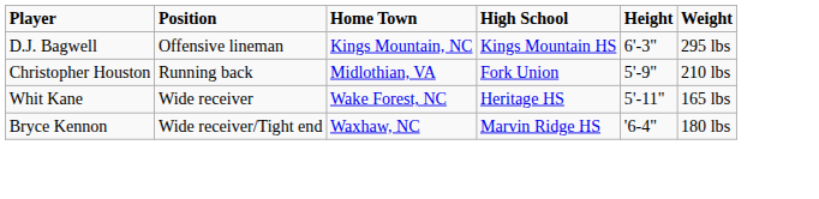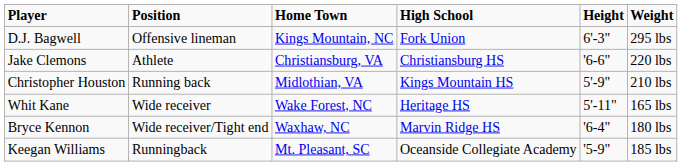 <table class="wikitable">
 <tr>
 <td><span><strong>Player</strong></span></td>
 <td><span><strong>Position</strong></span></td>
 <td><span> <strong>Home Town</strong></span></td>
 <td><span> <strong>High School</strong></span></td>
 <td><span><strong>Height</strong></span></td>
 <td><span><strong>Weight</strong></span></td>
 </tr>
 <tr>
 <td>D.J. Bagwell</td>
 <td>Offensive lineman</td>
 <td><a href='#'>Kings Mountain, NC</a></td>
-<td><a href='#'>Kings Mountain HS</a></td>
+<td><a href='#'>Fork Union</a></td>
 <td>6'-3"</td>
 <td>295 lbs</td>
+</tr>
+<tr>
+<td>Jake Clemons</td>
+<td>Athlete</td>
+<td><a href='#'>Christiansburg, VA</a></td>
+<td><a href='#'>Christiansburg HS</a></td>
+<td>'6-6"</td>
+<td>220 lbs</td>
 </tr>
 <tr>
 <td>Christopher Houston</td>
 <td>Running back</td>
 <td><a href='#'>Midlothian, VA</a></td>
-<td><a href='#'>Fork Union</a></td>
+<td><a href='#'>Kings Mountain HS</a></td>
 <td>5'-9"</td>
 <td>210 lbs</td>
 </tr>
 <tr>
 <td>Whit Kane</td>
 <td>Wide receiver</td>
 <td><a href='#'>Wake Forest, NC</a></td>
 <td><a href='#'>Heritage HS</a></td>
 <td>5'-11"</td>
 <td>165 lbs</td>
 </tr>
 <tr>
 <td>Bryce Kennon</td>
 <td>Wide receiver/Tight end</td>
 <td><a href='#'>Waxhaw, NC</a></td>
 <td><a href='#'>Marvin Ridge HS</a></td>
 <td>'6-4"</td>
 <td>180 lbs</td>
 </tr>
+<tr>
+<td>Keegan Williams</td>
+<td>Runningback</td>
+<td><a href='#'>Mt. Pleasant, SC</a></td>
+<td>Oceanside Collegiate Academy</td>
+<td>'5-9"</td>
+<td>185 lbs</td>
+</tr>
 </table>
